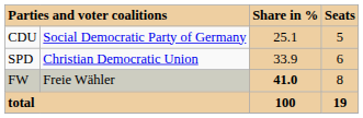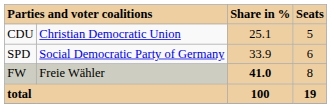 <table class="wikitable">
 <tr>
 <td colspan="2" bgcolor="#EECFA1"><strong>Parties and voter coalitions</strong></td>
 <td align="center" bgcolor="#EECFA1"><strong>Share in %</strong></td>
 <td align="center" bgcolor="#EECFA1"><strong>Seats</strong></td>
 </tr>
 <tr --->
 <td>CDU</td>
-<td><a href='#'>Social Democratic Party of Germany</a></td>
+<td><a href='#'>Christian Democratic Union</a></td>
 <td align="center" bgcolor="#EECFA1">25.1</td>
 <td align="center" bgcolor="#EECFA1">5</td>
 </tr>
 <tr --->
 <td>SPD</td>
-<td><a href='#'>Christian Democratic Union</a></td>
+<td><a href='#'>Social Democratic Party of Germany</a></td>
 <td align="center" bgcolor="#EECFA1">33.9</td>
 <td align="center" bgcolor="#EECFA1">6</td>
 </tr>
 <tr --->
 <td bgcolor="#CDCDC1">FW</td>
 <td bgcolor="#CDCDC1">Freie Wähler</td>
 <td align="center" bgcolor="#EECFA1"><strong>41.0</strong></td>
 <td align="center" bgcolor="#EECFA1">8</td>
 </tr>
 <tr --->
 <td colspan="2" bgcolor="#EECFA1"><strong>total</strong></td>
 <td align="center" bgcolor="#EECFA1"><strong>100</strong></td>
 <td align="center" bgcolor="#EECFA1"><strong>19</strong></td>
 </tr>
 <tr --->
 </tr>
 </table>
